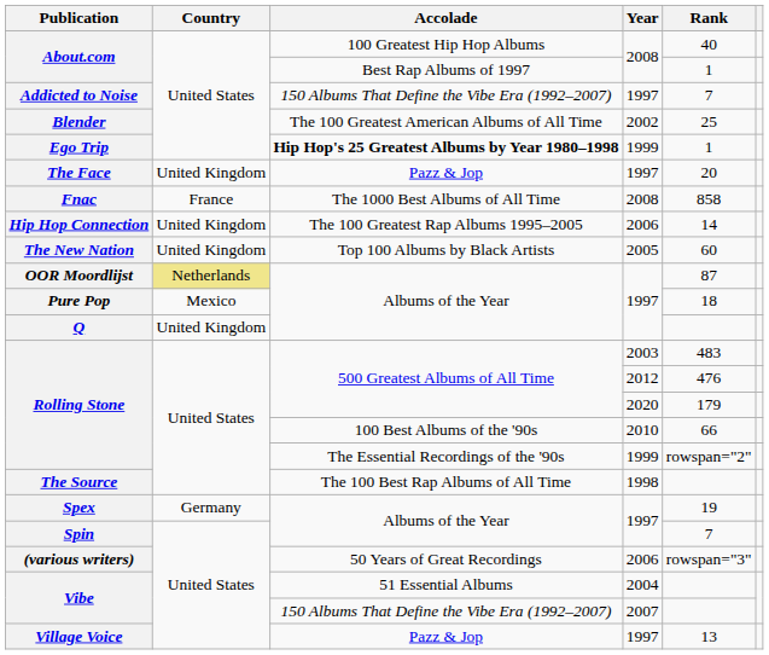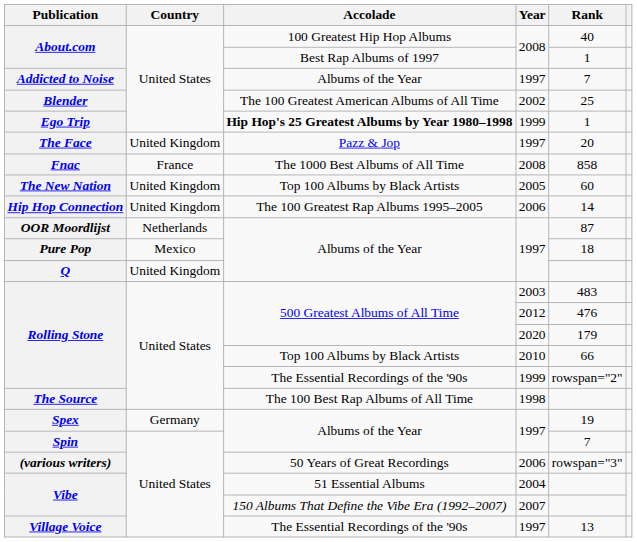 <table class="wikitable sortable plainrowheaders" style="text-align:center">
 <tr>
 <th scope="col">Publication</th>
 <th scope="col">Country</th>
 <th scope="col">Accolade</th>
 <th scope="col">Year</th>
 <th scope="col">Rank</th>
 <th scope="col" class="unsortable"></th>
 </tr>
 <tr>
 <th scope="row" rowspan="2"><em><a href='#'>About.com</a></em></th>
 <td rowspan="5">United States</td>
 <td>100 Greatest Hip Hop Albums</td>
 <td rowspan="2">2008</td>
 <td>40</td>
 <td></td>
 </tr>
 <tr>
 <td>Best Rap Albums of 1997</td>
 <td>1</td>
 <td></td>
 </tr>
 <tr>
 <th scope="row"><em><a href='#'>Addicted to Noise</a></em></th>
-<td><em>150 Albums That Define the Vibe Era (1992–2007)</em></td>
+<td>Albums of the Year</td>
 <td>1997</td>
 <td style="text-align:center;">7</td>
 <td></td>
 </tr>
 <tr>
 <th scope="row"><em><a href='#'>Blender</a></em></th>
 <td>The 100 Greatest American Albums of All Time</td>
 <td>2002</td>
 <td>25</td>
 <td></td>
 </tr>
 <tr>
 <th scope="row"><em><a href='#'>Ego Trip</a></em></th>
 <td><strong>Hip Hop's 25 Greatest Albums by Year 1980–1998</strong></td>
 <td>1999</td>
 <td>1</td>
 <td></td>
 </tr>
 <tr>
 <th scope="row"><em><a href='#'>The Face</a></em></th>
 <td>United Kingdom</td>
 <td><a href='#'>Pazz & Jop</a></td>
 <td>1997</td>
 <td>20</td>
 <td></td>
 </tr>
 <tr>
 <th scope="row"><em><a href='#'>Fnac</a></em></th>
 <td>France</td>
 <td>The 1000 Best Albums of All Time</td>
 <td>2008</td>
 <td>858</td>
 <td></td>
 </tr>
 <tr>
+<th scope="row"><em><a href='#'>The New Nation</a></em></th>
+<td>United Kingdom</td>
+<td>Top 100 Albums by Black Artists</td>
+<td>2005</td>
+<td>60</td>
+<td></td>
+</tr>
+<tr>
 <th scope="row"><em><a href='#'>Hip Hop Connection</a></em></th>
 <td>United Kingdom</td>
 <td>The 100 Greatest Rap Albums 1995–2005</td>
 <td>2006</td>
 <td>14</td>
 <td></td>
 </tr>
 <tr>
-<th scope="row"><em><a href='#'>The New Nation</a></em></th>
-<td>United Kingdom</td>
-<td>Top 100 Albums by Black Artists</td>
-<td>2005</td>
-<td>60</td>
-<td></td>
-</tr>
-<tr>
 <th scope="row"><em>OOR Moordlijst</em></th>
-<td style="background: khaki;">Netherlands</td>
+<td>Netherlands</td>
 <td rowspan="3">Albums of the Year</td>
 <td rowspan="3">1997</td>
 <td>87</td>
 <td></td>
 </tr>
 <tr>
 <th scope="row"><em>Pure Pop</em></th>
 <td>Mexico</td>
 <td>18</td>
 <td></td>
 </tr>
 <tr>
 <th scope="row"><em><a href='#'>Q</a></em></th>
 <td>United Kingdom</td>
 <td></td>
 <td></td>
 </tr>
 <tr>
 <th scope="row" rowspan="5"><em><a href='#'>Rolling Stone</a></em></th>
 <td rowspan="6">United States</td>
 <td rowspan="3"><a href='#'>500 Greatest Albums of All Time</a></td>
 <td>2003</td>
 <td>483</td>
 <td></td>
 </tr>
 <tr>
 <td>2012</td>
 <td>476</td>
 <td></td>
 </tr>
 <tr>
 <td>2020</td>
 <td>179</td>
 <td></td>
 </tr>
 <tr>
-<td>100 Best Albums of the '90s</td>
+<td>Top 100 Albums by Black Artists</td>
 <td>2010</td>
 <td>66</td>
 <td></td>
 </tr>
 <tr>
 <td>The Essential Recordings of the '90s</td>
 <td>1999</td>
 <td>rowspan="2" </td>
 <td></td>
 </tr>
 <tr>
 <th scope="row"><em><a href='#'>The Source</a></em></th>
 <td>The 100 Best Rap Albums of All Time</td>
 <td>1998</td>
 <td></td>
 </tr>
 <tr>
 <th scope="row"><em><a href='#'>Spex</a></em></th>
 <td>Germany</td>
 <td rowspan="2">Albums of the Year</td>
 <td rowspan="2">1997</td>
 <td>19</td>
 <td></td>
 </tr>
 <tr>
 <th scope="row"><em><a href='#'>Spin</a></em></th>
 <td rowspan="5">United States</td>
 <td>7</td>
 <td></td>
 </tr>
 <tr>
 <th scope="row"><em>(various writers)</em></th>
 <td>50 Years of Great Recordings</td>
 <td>2006</td>
 <td>rowspan="3" </td>
 <td></td>
 </tr>
 <tr>
 <th scope="row" rowspan="2"><em><a href='#'>Vibe</a></em></th>
 <td>51 Essential Albums</td>
 <td>2004</td>
 <td></td>
 </tr>
 <tr>
 <td><em>150 Albums That Define the Vibe Era (1992–2007)</em></td>
 <td>2007</td>
 <td></td>
 </tr>
 <tr>
 <th scope="row"><em><a href='#'>Village Voice</a></em></th>
-<td><a href='#'>Pazz & Jop</a></td>
+<td>The Essential Recordings of the '90s</td>
 <td>1997</td>
 <td>13</td>
 <td></td>
 </tr>
 </table>
